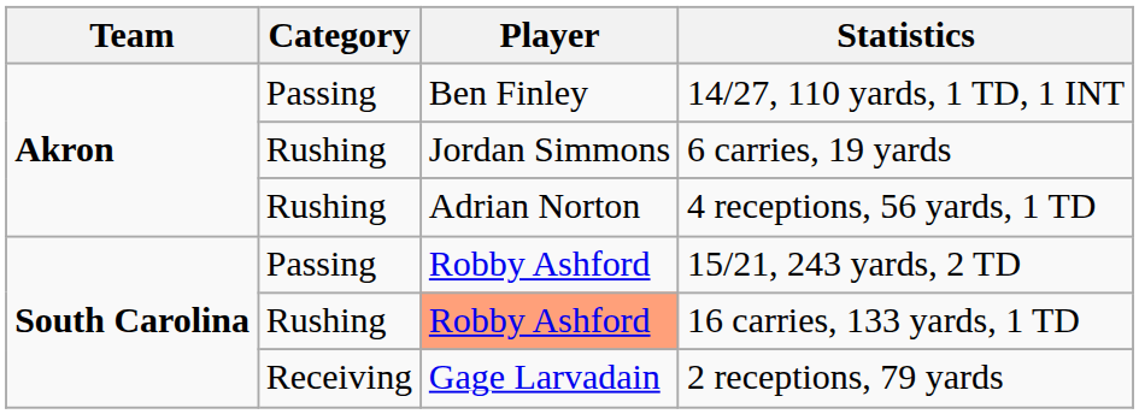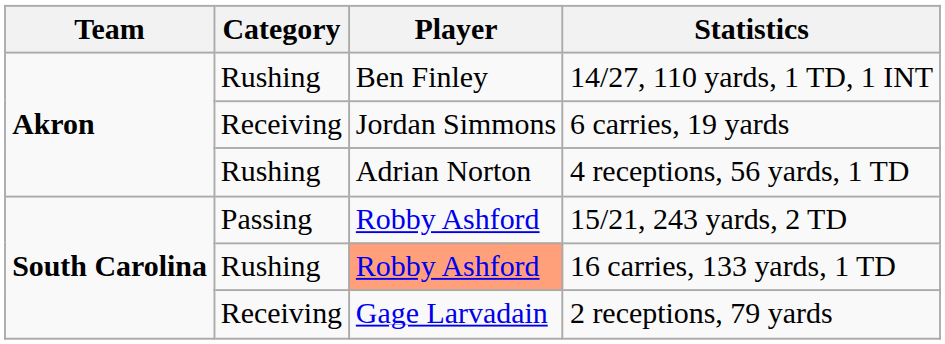 <table class="wikitable" style="float: right;">
 <tr>
 <th>Team</th>
 <th>Category</th>
 <th>Player</th>
 <th>Statistics</th>
 </tr>
 <tr>
 <td rowspan=3><strong>Akron</strong></td>
-<td>Passing</td>
+<td>Rushing</td>
 <td>Ben Finley</td>
 <td>14/27, 110 yards, 1 TD, 1 INT</td>
 </tr>
 <tr>
-<td>Rushing</td>
+<td>Receiving</td>
 <td>Jordan Simmons</td>
 <td>6 carries, 19 yards</td>
 </tr>
 <tr>
 <td>Rushing</td>
 <td>Adrian Norton</td>
 <td>4 receptions, 56 yards, 1 TD</td>
 </tr>
 <tr>
 <td rowspan=3><strong>South Carolina</strong></td>
 <td>Passing</td>
 <td><a href='#'>Robby Ashford</a></td>
 <td>15/21, 243 yards, 2 TD</td>
 </tr>
 <tr>
 <td>Rushing</td>
 <td style="background: lightsalmon;"><a href='#'>Robby Ashford</a></td>
 <td>16 carries, 133 yards, 1 TD</td>
 </tr>
 <tr>
 <td>Receiving</td>
 <td><a href='#'>Gage Larvadain</a></td>
 <td>2 receptions, 79 yards</td>
 </tr>
 </table>
